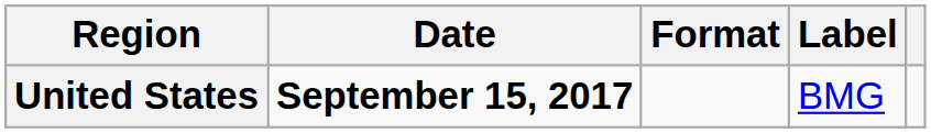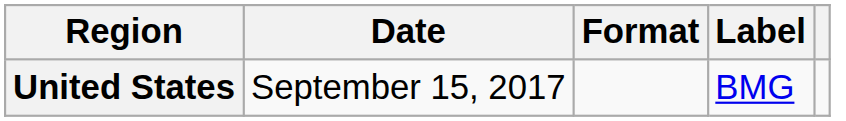 <table class="wikitable plainrowheaders">
 <tr>
 <th scope="col">Region</th>
 <th scope="col">Date</th>
 <th scope="col">Format</th>
 <th scope="col">Label</th>
 <th scope="col"></th>
 </tr>
 <tr>
 <th scope="row" rowspan="2">United States</th>
-<td><strong>September 15, 2017</strong></td>
+<td>September 15, 2017</td>
 <td></td>
 <td rowspan="2"><a href='#'>BMG</a></td>
 <td style="text-align:center;"></td>
 </tr>
 </table>
